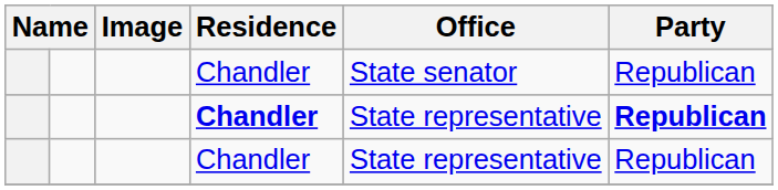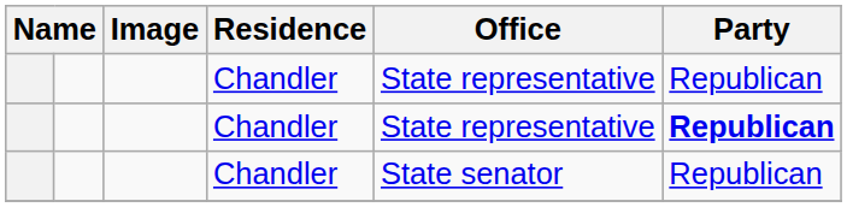 <table class="sortable wikitable">
 <tr valign=bottom>
 <th colspan="2">Name</th>
 <th>Image</th>
 <th>Residence</th>
 <th>Office</th>
 <th>Party</th>
 </tr>
 <tr>
 <th style="background-color:  "></th>
 <td></td>
 <td></td>
 <td><a href='#'>Chandler</a></td>
-<td><a href='#'>State senator</a></td>
+<td><a href='#'>State representative</a></td>
 <td><a href='#'>Republican</a></td>
 </tr>
 <tr>
 <th style="background-color:  "></th>
 <td></td>
 <td></td>
-<td><strong><a href='#'>Chandler</a></strong></td>
+<td><a href='#'>Chandler</a></td>
 <td><a href='#'>State representative</a></td>
 <td><strong><a href='#'>Republican</a></strong></td>
 </tr>
 <tr>
 <th style="background-color:  "></th>
 <td></td>
 <td></td>
 <td><a href='#'>Chandler</a></td>
-<td><a href='#'>State representative</a></td>
+<td><a href='#'>State senator</a></td>
 <td><a href='#'>Republican</a></td>
 </tr>
 <tr>
 </tr>
 </table>
